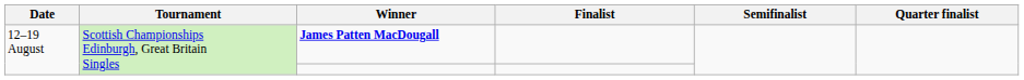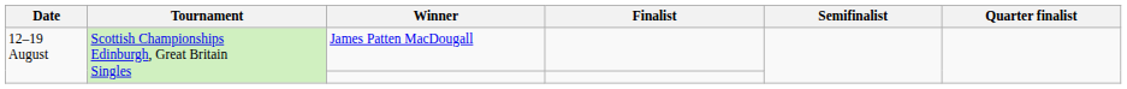 <table class="wikitable" style="font-size:85%;">
 <tr>
 <th width="75">Date</th>
 <th width="230">Tournament</th>
 <th width="210">Winner</th>
 <th width="210">Finalist</th>
 <th width="170">Semifinalist</th>
 <th width="170">Quarter finalist</th>
 </tr>
 <tr valign=top>
 <td rowspan=2>12–19 August</td>
 <td style="background:#d0f0c0" rowspan=2><a href='#'>Scottish Championships</a><br> <a href='#'>Edinburgh</a>, Great Britain<br><a href='#'>Singles</a></td>
-<td><strong> <a href='#'>James Patten MacDougall</a></strong></td>
+<td> <a href='#'>James Patten MacDougall</a></td>
 <td></td>
 <td rowspan=2></td>
 <td rowspan=2></td>
 </tr>
 <tr valign=top>
 <td></td>
 <td></td>
 </tr>
 </table>
